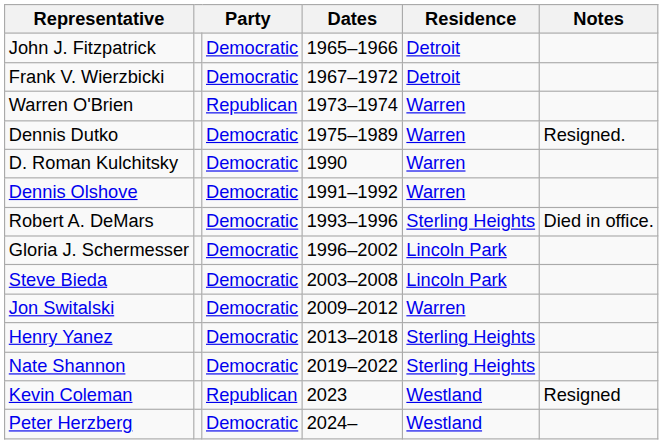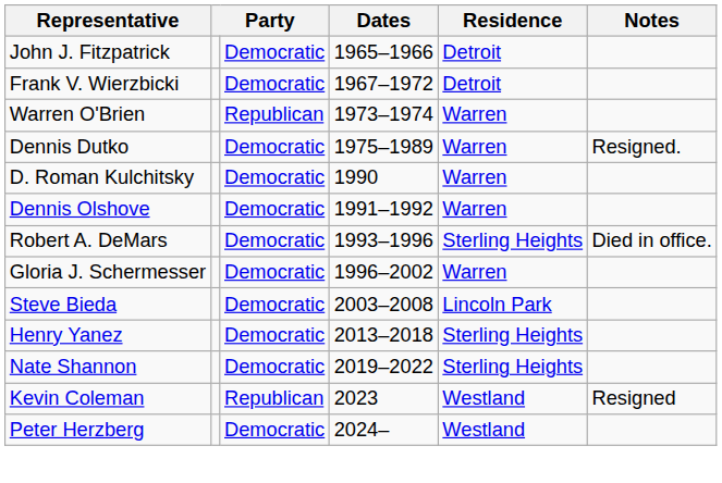 <table class=wikitable>
 <tr valign=bottom>
 <th>Representative</th>
 <th colspan="2">Party</th>
 <th>Dates</th>
 <th>Residence</th>
 <th>Notes</th>
 </tr>
 <tr>
 <td>John J. Fitzpatrick</td>
 <td bgcolor=></td>
 <td><a href='#'>Democratic</a></td>
 <td>1965–1966</td>
 <td><a href='#'>Detroit</a></td>
 <td></td>
 </tr>
 <tr>
 <td>Frank V. Wierzbicki</td>
 <td bgcolor=></td>
 <td><a href='#'>Democratic</a></td>
 <td>1967–1972</td>
 <td><a href='#'>Detroit</a></td>
 <td></td>
 </tr>
 <tr>
 <td>Warren O'Brien</td>
 <td bgcolor=></td>
 <td><a href='#'>Republican</a></td>
 <td>1973–1974</td>
 <td><a href='#'>Warren</a></td>
 <td></td>
 </tr>
 <tr>
 <td>Dennis Dutko</td>
 <td bgcolor=></td>
 <td><a href='#'>Democratic</a></td>
 <td>1975–1989</td>
 <td><a href='#'>Warren</a></td>
 <td>Resigned.</td>
 </tr>
 <tr>
 <td>D. Roman Kulchitsky</td>
 <td bgcolor=></td>
 <td><a href='#'>Democratic</a></td>
 <td>1990</td>
 <td><a href='#'>Warren</a></td>
 <td></td>
 </tr>
 <tr>
 <td><a href='#'>Dennis Olshove</a></td>
 <td bgcolor=></td>
 <td><a href='#'>Democratic</a></td>
 <td>1991–1992</td>
 <td><a href='#'>Warren</a></td>
 <td></td>
 </tr>
 <tr>
 <td>Robert A. DeMars</td>
 <td bgcolor=></td>
 <td><a href='#'>Democratic</a></td>
 <td>1993–1996</td>
 <td><a href='#'>Sterling Heights</a></td>
 <td>Died in office.</td>
 </tr>
 <tr>
 <td>Gloria J. Schermesser</td>
 <td bgcolor=></td>
 <td><a href='#'>Democratic</a></td>
 <td>1996–2002</td>
-<td><a href='#'>Lincoln Park</a></td>
+<td><a href='#'>Warren</a></td>
 <td></td>
 </tr>
 <tr>
 <td><a href='#'>Steve Bieda</a></td>
 <td bgcolor=></td>
 <td><a href='#'>Democratic</a></td>
 <td>2003–2008</td>
 <td><a href='#'>Lincoln Park</a></td>
-<td></td>
-</tr>
-<tr>
-<td><a href='#'>Jon Switalski</a></td>
-<td bgcolor=></td>
-<td><a href='#'>Democratic</a></td>
-<td>2009–2012</td>
-<td><a href='#'>Warren</a></td>
 <td></td>
 </tr>
 <tr>
 <td><a href='#'>Henry Yanez</a></td>
 <td bgcolor=></td>
 <td><a href='#'>Democratic</a></td>
 <td>2013–2018</td>
 <td><a href='#'>Sterling Heights</a></td>
 <td></td>
 </tr>
 <tr>
 <td><a href='#'>Nate Shannon</a></td>
 <td bgcolor=></td>
 <td><a href='#'>Democratic</a></td>
 <td>2019–2022</td>
 <td><a href='#'>Sterling Heights</a></td>
 <td></td>
 </tr>
 <tr>
 <td><a href='#'>Kevin Coleman</a></td>
 <td bgcolor=></td>
 <td><a href='#'>Republican</a></td>
 <td>2023</td>
 <td><a href='#'>Westland</a></td>
 <td>Resigned</td>
 </tr>
 <tr>
 <td><a href='#'>Peter Herzberg</a></td>
 <td></td>
 <td><a href='#'>Democratic</a></td>
 <td>2024–</td>
 <td><a href='#'>Westland</a></td>
 <td></td>
 </tr>
 </table>
